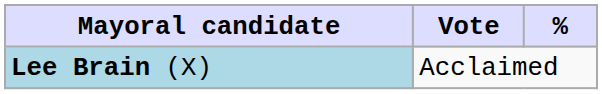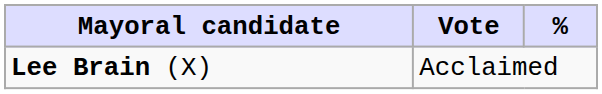 <table class="wikitable">
 <tr>
 <th style="background:#ddf;" width="200px">Mayoral candidate</th>
 <th style="background:#ddf;" width="50px">Vote</th>
 <th style="background:#ddf;" width="30px">%</th>
 </tr>
 <tr>
-<td style="background: lightblue;"><strong>Lee Brain</strong> (X)</td>
+<td><strong>Lee Brain</strong> (X)</td>
 <td colspan="2">Acclaimed</td>
 </tr>
 </table>
